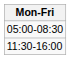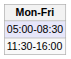 <table class="wikitable">
 <tr>
 <th>Mon-Fri</th>
 </tr>
 <tr>
-<td>05:00-08:30</td>
+<td style="background: lavender;">05:00-08:30</td>
 </tr>
 <tr>
 <td>11:30-16:00</td>
 </tr>
 </table>
